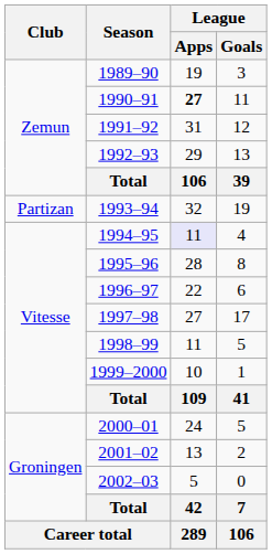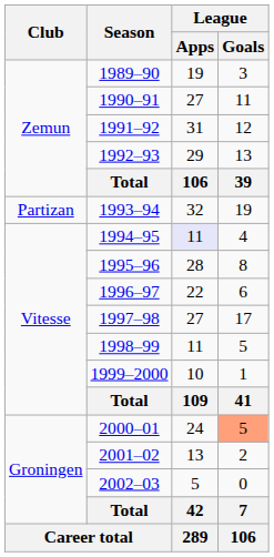 <table class="wikitable" style="text-align:center">
 <tr>
 <th rowspan="2">Club</th>
 <th rowspan="2">Season</th>
 <th colspan="2">League</th>
 </tr>
 <tr>
 <th>Apps</th>
 <th>Goals</th>
 </tr>
 <tr>
 <td rowspan="5"><a href='#'>Zemun</a></td>
 <td><a href='#'>1989–90</a></td>
 <td>19</td>
 <td>3</td>
 </tr>
 <tr>
 <td><a href='#'>1990–91</a></td>
-<td><strong>27</strong></td>
+<td>27</td>
 <td>11</td>
 </tr>
 <tr>
 <td><a href='#'>1991–92</a></td>
 <td>31</td>
 <td>12</td>
 </tr>
 <tr>
 <td><a href='#'>1992–93</a></td>
 <td>29</td>
 <td>13</td>
 </tr>
 <tr>
 <th>Total</th>
 <th>106</th>
 <th>39</th>
 </tr>
 <tr>
 <td><a href='#'>Partizan</a></td>
 <td><a href='#'>1993–94</a></td>
 <td>32</td>
 <td>19</td>
 </tr>
 <tr>
 <td rowspan="7"><a href='#'>Vitesse</a></td>
 <td><a href='#'>1994–95</a></td>
 <td style="background: lavender;">11</td>
 <td>4</td>
 </tr>
 <tr>
 <td><a href='#'>1995–96</a></td>
 <td>28</td>
 <td>8</td>
 </tr>
 <tr>
 <td><a href='#'>1996–97</a></td>
 <td>22</td>
 <td>6</td>
 </tr>
 <tr>
 <td><a href='#'>1997–98</a></td>
 <td>27</td>
 <td>17</td>
 </tr>
 <tr>
 <td><a href='#'>1998–99</a></td>
 <td>11</td>
 <td>5</td>
 </tr>
 <tr>
 <td><a href='#'>1999–2000</a></td>
 <td>10</td>
 <td>1</td>
 </tr>
 <tr>
 <th>Total</th>
 <th>109</th>
 <th>41</th>
 </tr>
 <tr>
 <td rowspan="4"><a href='#'>Groningen</a></td>
 <td><a href='#'>2000–01</a></td>
 <td>24</td>
-<td>5</td>
+<td style="background: lightsalmon;">5</td>
 </tr>
 <tr>
 <td><a href='#'>2001–02</a></td>
 <td>13</td>
 <td>2</td>
 </tr>
 <tr>
 <td><a href='#'>2002–03</a></td>
 <td>5</td>
 <td>0</td>
 </tr>
 <tr>
 <th>Total</th>
 <th>42</th>
 <th>7</th>
 </tr>
 <tr>
 <th colspan="2">Career total</th>
 <th>289</th>
 <th>106</th>
 </tr>
 </table>
